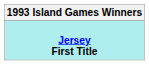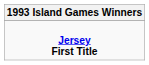 <table class="wikitable" style="text-align: center; margin: 0 auto;">
 <tr>
 <th>1993 Island Games Winners</th>
 </tr>
 <tr>
 </tr>
 <tr>
-<td style="background: paleturquoise;"><br><strong><a href='#'>Jersey</a></strong><br><strong>First Title</strong></td>
+<td><br><strong><a href='#'>Jersey</a></strong><br><strong>First Title</strong></td>
 </tr>
 </table>
